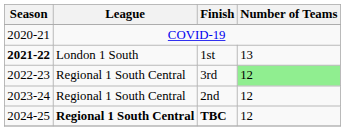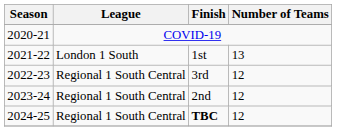 <table class="wikitable sortable">
 <tr>
 <th>Season</th>
 <th>League</th>
 <th>Finish</th>
 <th>Number of Teams</th>
 </tr>
 <tr>
 </tr>
 <tr>
 <td>2020-21</td>
 <td align=center colspan="7"><a href='#'>COVID-19</a></td>
 </tr>
 <tr>
-<td><strong>2021-22</strong></td>
+<td>2021-22</td>
 <td>London 1 South</td>
 <td>1st</td>
 <td>13</td>
 </tr>
 <tr>
 <td>2022-23</td>
 <td>Regional 1 South Central</td>
 <td>3rd</td>
-<td style="background: lightgreen;">12</td>
+<td>12</td>
 </tr>
 <tr>
 <td>2023-24</td>
 <td>Regional 1 South Central</td>
 <td>2nd</td>
 <td>12</td>
 </tr>
 <tr>
 <td>2024-25</td>
-<td><strong>Regional 1 South Central</strong></td>
+<td>Regional 1 South Central</td>
 <td><strong>TBC</strong></td>
 <td>12</td>
 </tr>
 <tr>
 </tr>
 </table>
